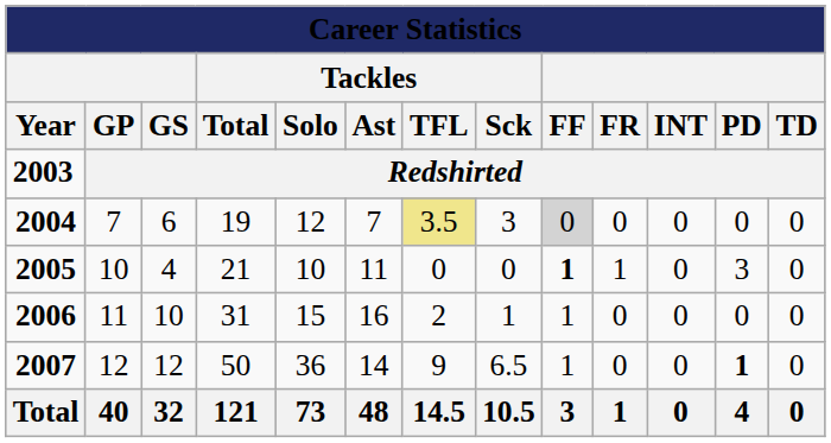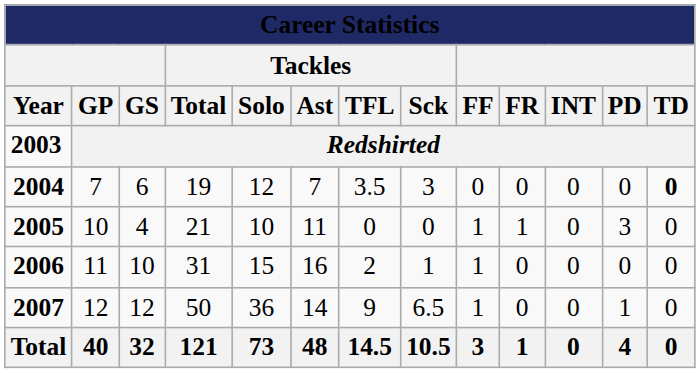 <table class="wikitable">
 <tr bgcolor="#1F2966">
 <td colspan="13" align="center"><span><strong>Career Statistics</strong></span></td>
 </tr>
 <tr>
 <th colspan="3" align="center"></th>
 <th colspan="5" align="center"><strong>Tackles</strong></th>
 <th colspan="5" align="center"></th>
 </tr>
 <tr align="center">
 <th>Year</th>
 <th>GP</th>
 <th>GS</th>
 <th>Total</th>
 <th>Solo</th>
 <th>Ast</th>
 <th>TFL</th>
 <th>Sck</th>
 <th>FF</th>
 <th>FR</th>
 <th>INT</th>
 <th>PD</th>
 <th>TD</th>
 </tr>
 <tr>
 <td><strong>2003</strong></td>
 <th colspan="12" align="center"><em>Redshirted</em></th>
 </tr>
 <tr align="center">
 <td><strong>2004</strong></td>
 <td>7</td>
 <td>6</td>
 <td>19</td>
 <td>12</td>
 <td>7</td>
-<td style="background: khaki;">3.5</td>
+<td>3.5</td>
 <td>3</td>
-<td style="background: lightgrey;">0</td>
 <td>0</td>
 <td>0</td>
 <td>0</td>
 <td>0</td>
+<td><strong>0</strong></td>
 </tr>
 <tr align="center">
 <td><strong>2005</strong></td>
 <td>10</td>
 <td>4</td>
 <td>21</td>
 <td>10</td>
 <td>11</td>
 <td>0</td>
 <td>0</td>
-<td><strong>1</strong></td>
+<td>1</td>
 <td>1</td>
 <td>0</td>
 <td>3</td>
 <td>0</td>
 </tr>
 <tr align="center">
 <td><strong>2006</strong></td>
 <td>11</td>
 <td>10</td>
 <td>31</td>
 <td>15</td>
 <td>16</td>
 <td>2</td>
 <td>1</td>
 <td>1</td>
 <td>0</td>
 <td>0</td>
 <td>0</td>
 <td>0</td>
 </tr>
 <tr align="center">
 <td><strong>2007</strong></td>
 <td>12</td>
 <td>12</td>
 <td>50</td>
 <td>36</td>
 <td>14</td>
 <td>9</td>
 <td>6.5</td>
 <td>1</td>
 <td>0</td>
 <td>0</td>
-<td><strong>1</strong></td>
+<td>1</td>
 <td>0</td>
 </tr>
 <tr align="center">
 <th><strong>Total</strong></th>
 <th>40</th>
 <th>32</th>
 <th>121</th>
 <th>73</th>
 <th>48</th>
 <th>14.5</th>
 <th>10.5</th>
 <th>3</th>
 <th>1</th>
 <th>0</th>
 <th>4</th>
 <th>0</th>
 </tr>
 </table>
